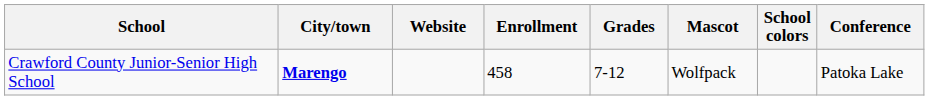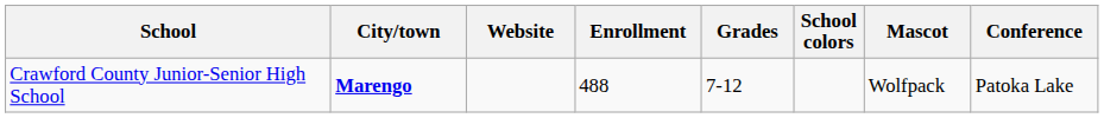 <table class="wikitable sortable" width="70%">
 <tr>
 <th width="20%">School</th>
 <th width="08%">City/town</th>
 <th width="06%">Website</th>
 <th width="04%">Enrollment</th>
 <th width="04%">Grades</th>
+<th width=01%>School colors</th>
 <th width="04%">Mascot</th>
-<th width=01%>School colors</th>
 <th width="04%">Conference</th>
 </tr>
 <tr>
 <td><a href='#'>Crawford County Junior-Senior High School</a></td>
 <td><strong><a href='#'>Marengo</a></strong></td>
 <td> </td>
-<td>458</td>
+<td>488</td>
 <td>7-12</td>
+<td> </td>
 <td>Wolfpack</td>
-<td> </td>
 <td>Patoka Lake</td>
 </tr>
 </table>
